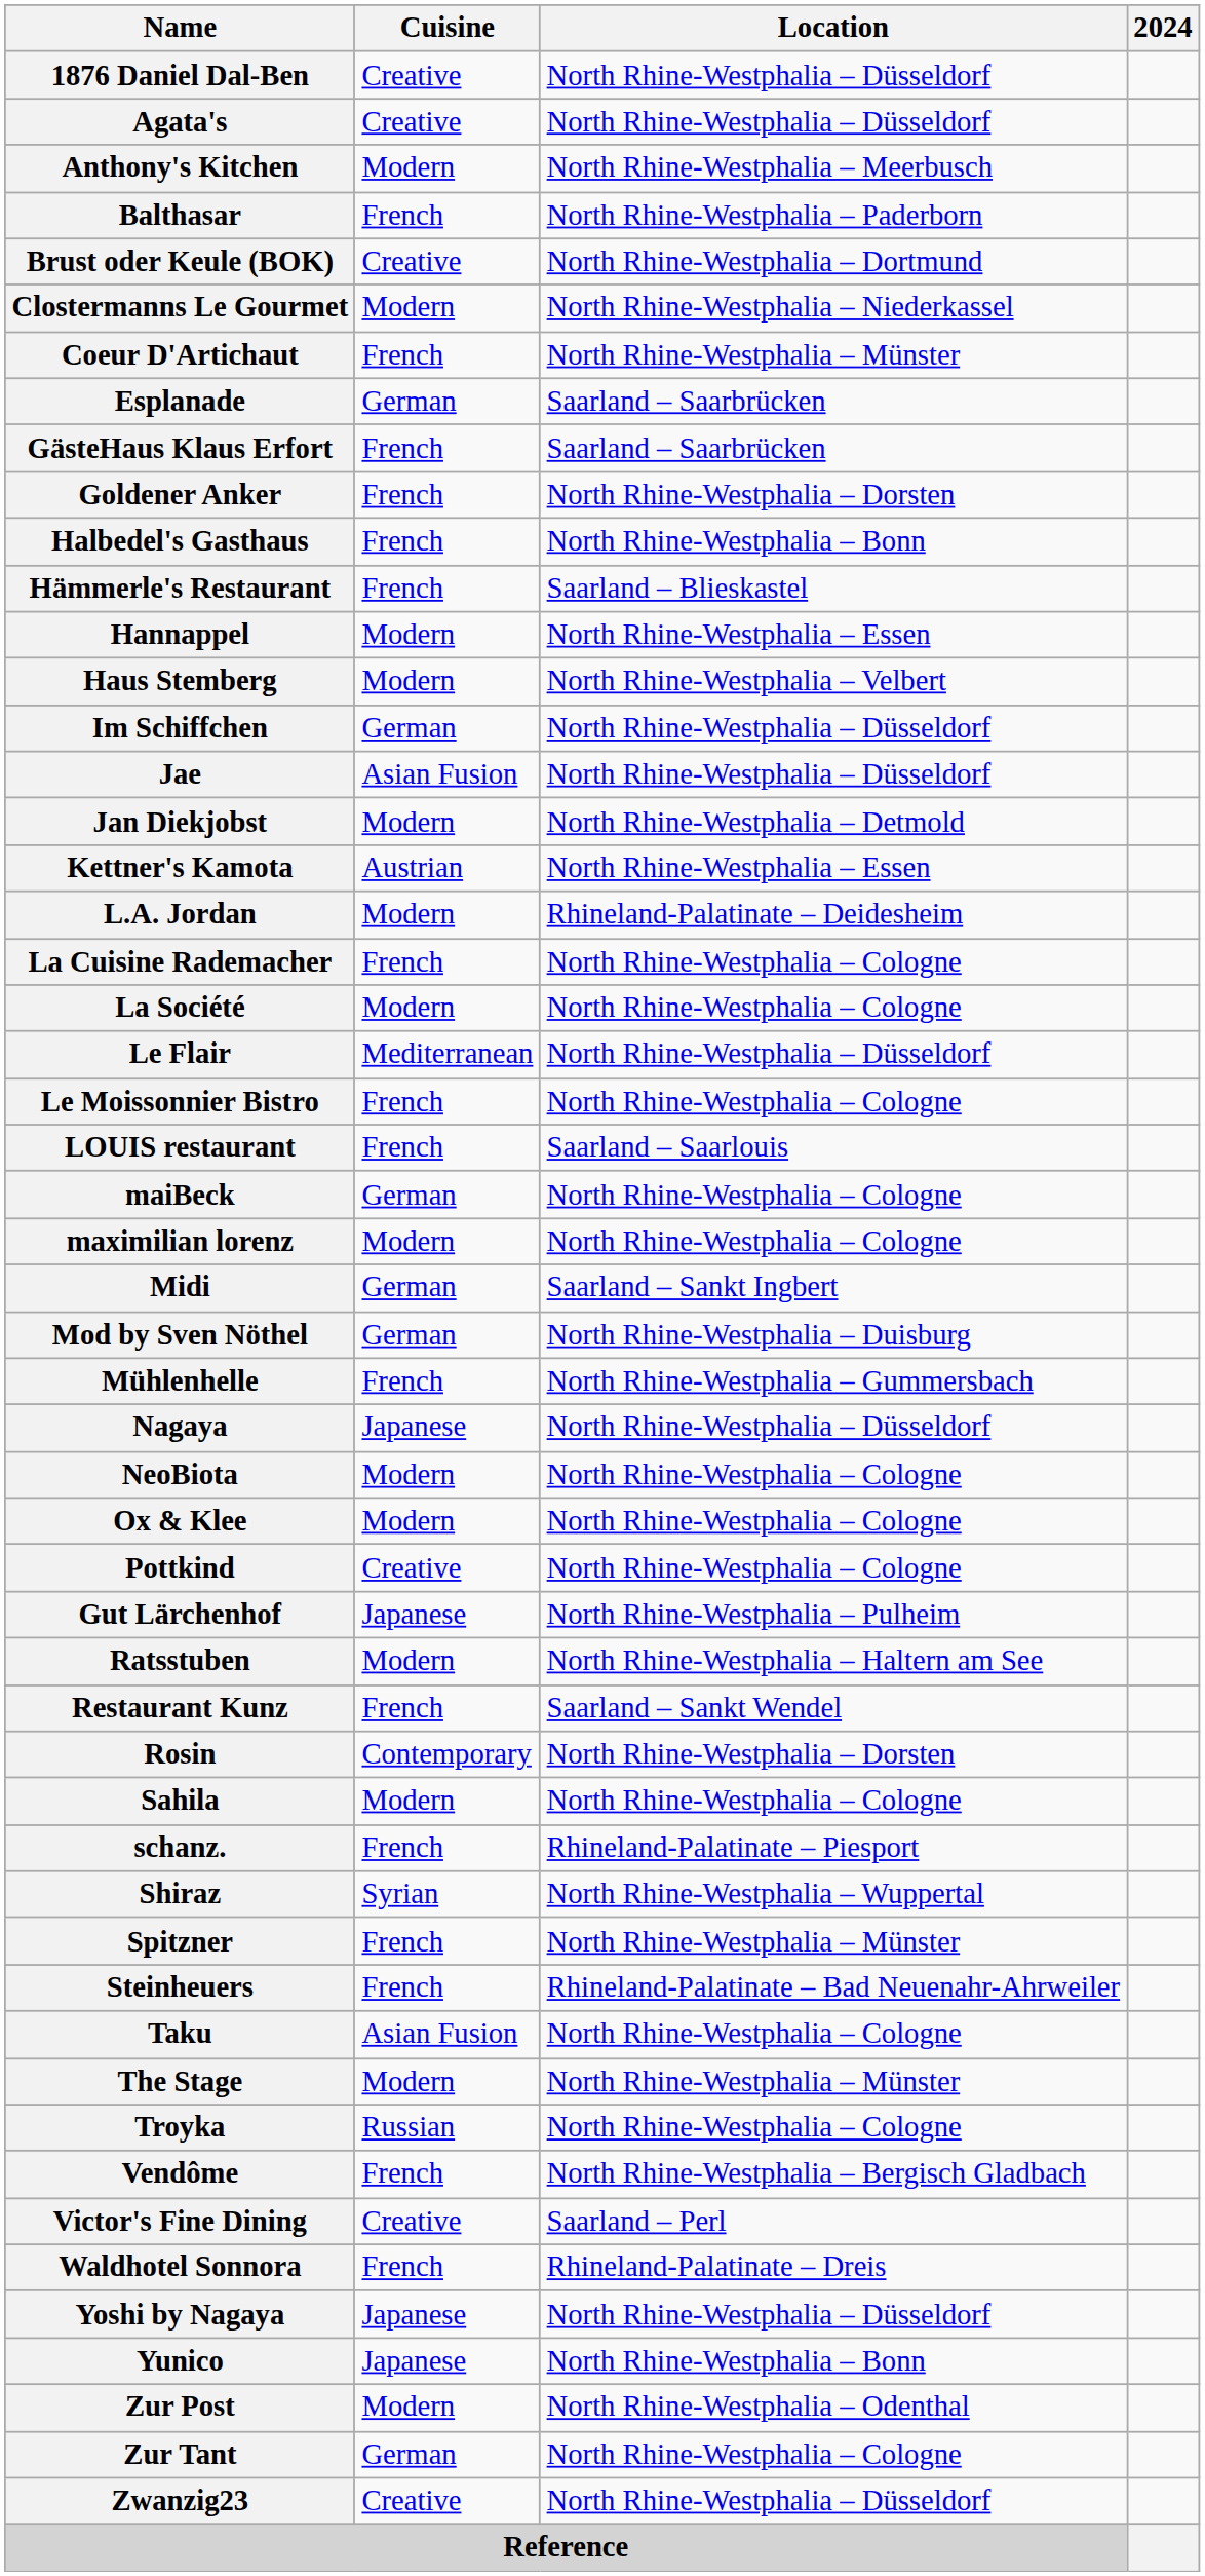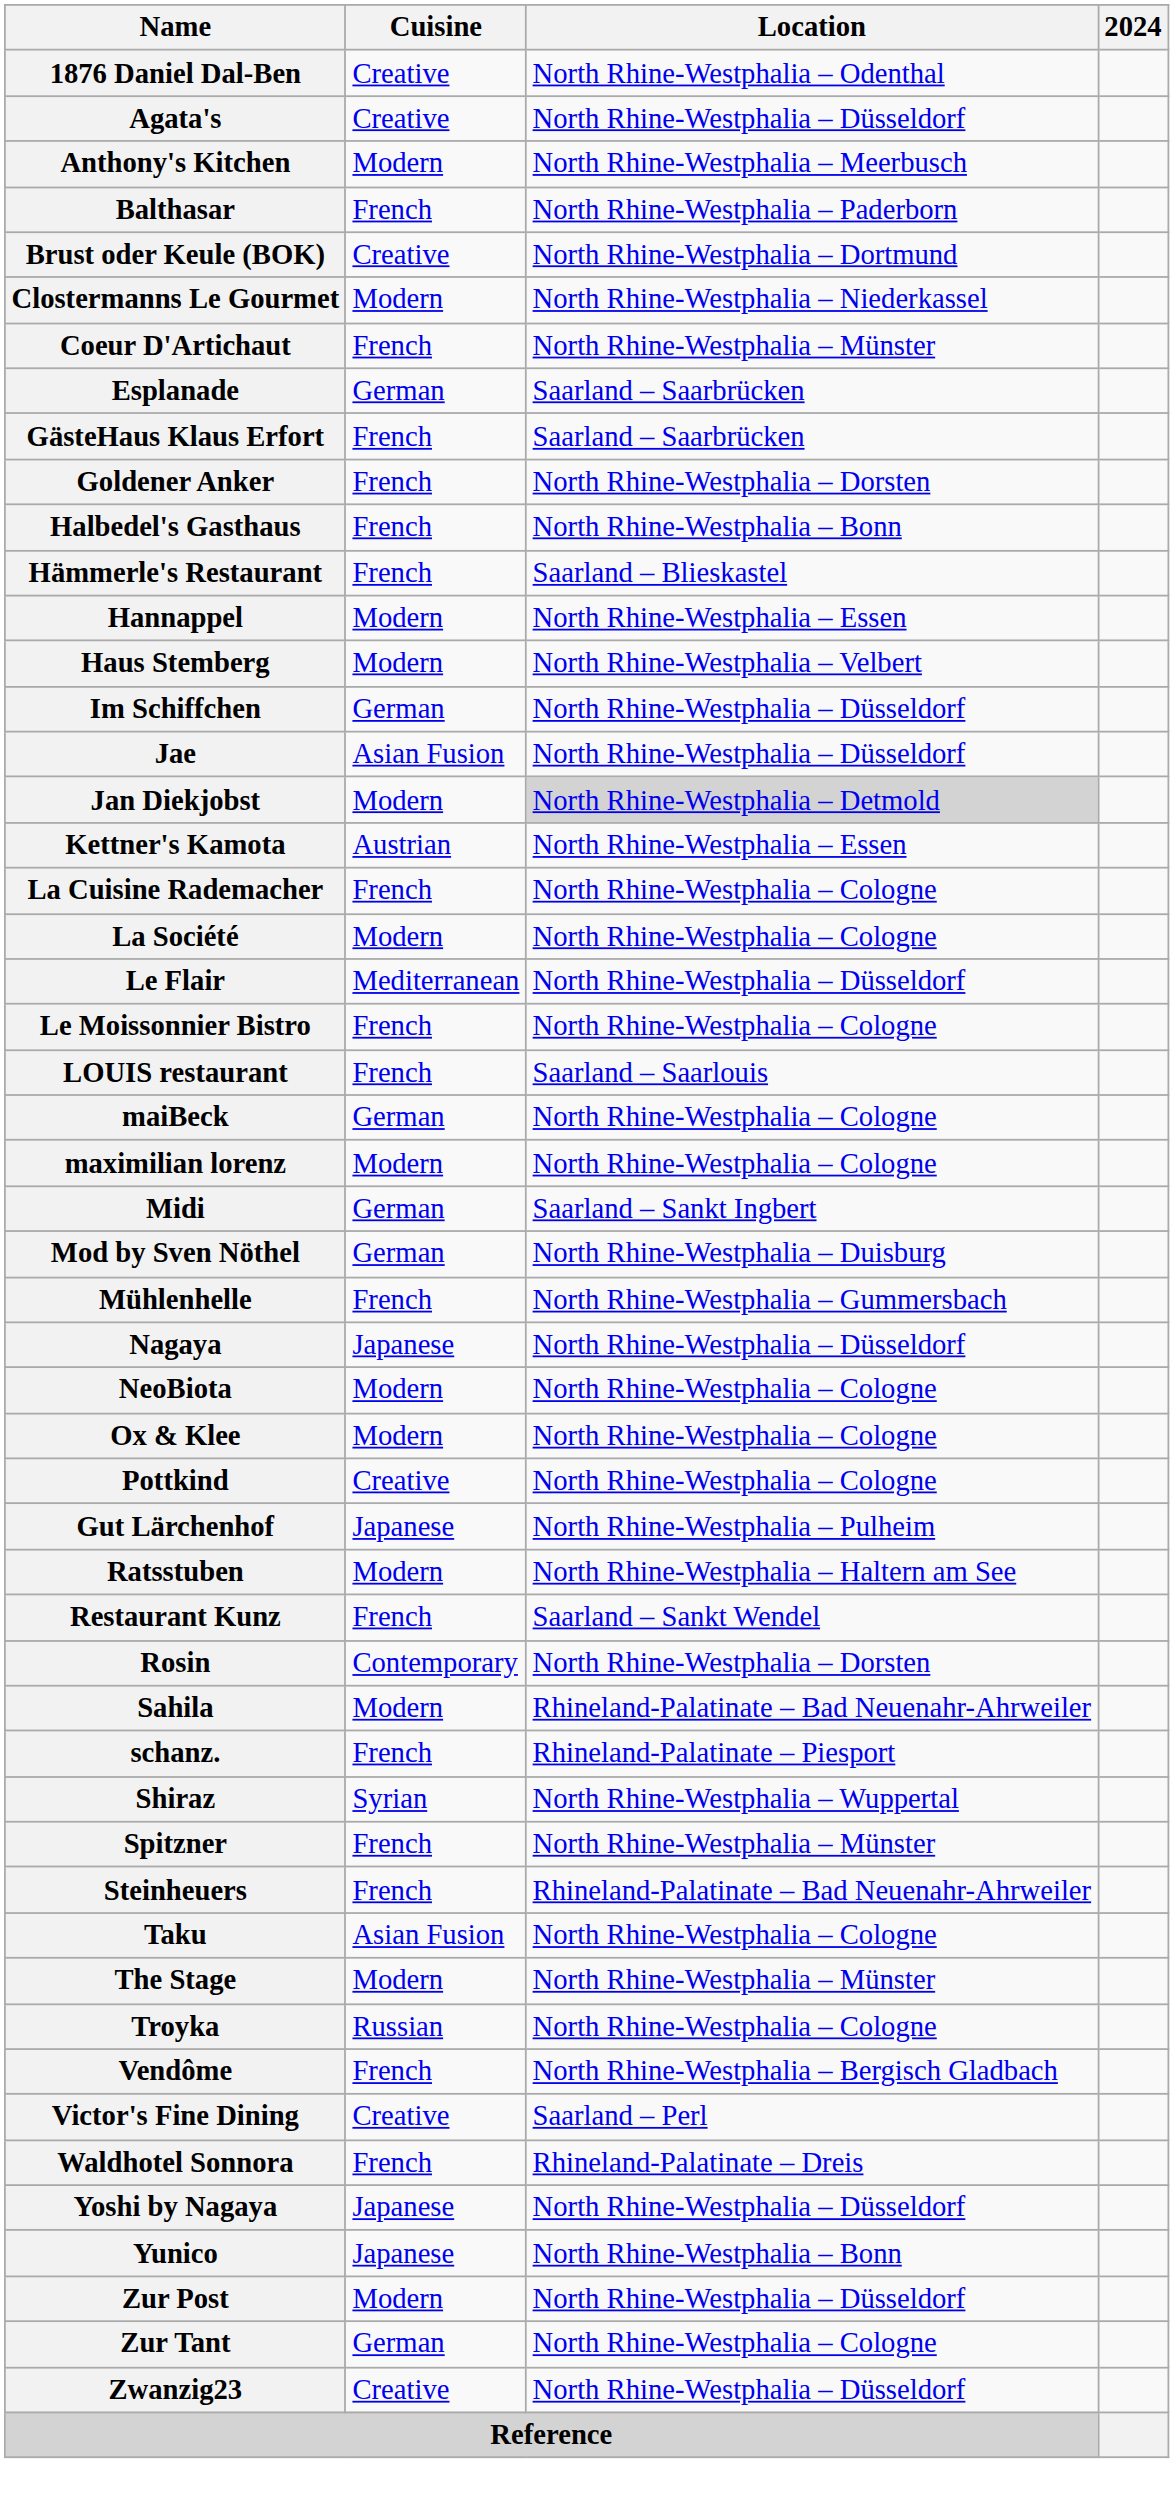 <table class="wikitable sortable plainrowheaders" style="text-align:left;"">
 <tr>
 <th scope="col">Name</th>
 <th scope="col">Cuisine</th>
 <th scope="col">Location</th>
 <th scope="col">2024</th>
 </tr>
 <tr>
 <th scope="row">1876 Daniel Dal-Ben</th>
 <td><a href='#'>Creative</a></td>
-<td><a href='#'>North Rhine-Westphalia – Düsseldorf</a></td>
+<td><a href='#'>North Rhine-Westphalia – Odenthal</a></td>
 <td></td>
 </tr>
 <tr>
 <th scope="row">Agata's</th>
 <td><a href='#'>Creative</a></td>
 <td><a href='#'>North Rhine-Westphalia – Düsseldorf</a></td>
 <td></td>
 </tr>
 <tr>
 <th scope="row">Anthony's Kitchen</th>
 <td><a href='#'>Modern</a></td>
 <td><a href='#'>North Rhine-Westphalia – Meerbusch</a></td>
 <td></td>
 </tr>
 <tr>
 <th scope="row">Balthasar</th>
 <td><a href='#'>French</a></td>
 <td><a href='#'>North Rhine-Westphalia – Paderborn</a></td>
 <td></td>
 </tr>
 <tr>
 <th scope="row">Brust oder Keule (BOK)</th>
 <td><a href='#'>Creative</a></td>
 <td><a href='#'>North Rhine-Westphalia – Dortmund</a></td>
 <td></td>
 </tr>
 <tr>
 <th scope="row">Clostermanns Le Gourmet</th>
 <td><a href='#'>Modern</a></td>
 <td><a href='#'>North Rhine-Westphalia – Niederkassel</a></td>
 <td></td>
 </tr>
 <tr>
 <th scope="row">Coeur D'Artichaut</th>
 <td><a href='#'>French</a></td>
 <td><a href='#'>North Rhine-Westphalia – Münster</a></td>
 <td></td>
 </tr>
 <tr>
 <th scope="row">Esplanade</th>
 <td><a href='#'>German</a></td>
 <td><a href='#'>Saarland – Saarbrücken</a></td>
 <td></td>
 </tr>
 <tr>
 <th scope="row">GästeHaus Klaus Erfort</th>
 <td><a href='#'>French</a></td>
 <td><a href='#'>Saarland – Saarbrücken</a></td>
 <td></td>
 </tr>
 <tr>
 <th scope="row">Goldener Anker</th>
 <td><a href='#'>French</a></td>
 <td><a href='#'>North Rhine-Westphalia – Dorsten</a></td>
 <td></td>
 </tr>
 <tr>
 <th scope="row">Halbedel's Gasthaus</th>
 <td><a href='#'>French</a></td>
 <td><a href='#'>North Rhine-Westphalia – Bonn</a></td>
 <td></td>
 </tr>
 <tr>
 <th scope="row">Hämmerle's Restaurant</th>
 <td><a href='#'>French</a></td>
 <td><a href='#'>Saarland – Blieskastel</a></td>
 <td></td>
 </tr>
 <tr>
 <th scope="row">Hannappel</th>
 <td><a href='#'>Modern</a></td>
 <td><a href='#'>North Rhine-Westphalia – Essen</a></td>
 <td></td>
 </tr>
 <tr>
 <th scope="row">Haus Stemberg</th>
 <td><a href='#'>Modern</a></td>
 <td><a href='#'>North Rhine-Westphalia – Velbert</a></td>
 <td></td>
 </tr>
 <tr>
 <th scope="row">Im Schiffchen</th>
 <td><a href='#'>German</a></td>
 <td><a href='#'>North Rhine-Westphalia – Düsseldorf</a></td>
 <td></td>
 </tr>
 <tr>
 <th scope="row">Jae</th>
 <td><a href='#'>Asian Fusion</a></td>
 <td><a href='#'>North Rhine-Westphalia – Düsseldorf</a></td>
 <td></td>
 </tr>
 <tr>
 <th scope="row">Jan Diekjobst</th>
 <td><a href='#'>Modern</a></td>
-<td><a href='#'>North Rhine-Westphalia – Detmold</a></td>
+<td style="background: lightgrey;"><a href='#'>North Rhine-Westphalia – Detmold</a></td>
 <td></td>
 </tr>
 <tr>
 <th scope="row">Kettner's Kamota</th>
 <td><a href='#'>Austrian</a></td>
 <td><a href='#'>North Rhine-Westphalia – Essen</a></td>
-<td></td>
-</tr>
-<tr>
-<th scope="row">L.A. Jordan</th>
-<td><a href='#'>Modern</a></td>
-<td><a href='#'>Rhineland-Palatinate – Deidesheim</a></td>
 <td></td>
 </tr>
 <tr>
 <th scope="row">La Cuisine Rademacher</th>
 <td><a href='#'>French</a></td>
 <td><a href='#'>North Rhine-Westphalia – Cologne</a></td>
 <td></td>
 </tr>
 <tr>
 <th scope="row">La Société</th>
 <td><a href='#'>Modern</a></td>
 <td><a href='#'>North Rhine-Westphalia – Cologne</a></td>
 <td></td>
 </tr>
 <tr>
 <th scope="row">Le Flair</th>
 <td><a href='#'>Mediterranean</a></td>
 <td><a href='#'>North Rhine-Westphalia – Düsseldorf</a></td>
 <td></td>
 </tr>
 <tr>
 <th scope="row">Le Moissonnier Bistro</th>
 <td><a href='#'>French</a></td>
 <td><a href='#'>North Rhine-Westphalia – Cologne</a></td>
 <td></td>
 </tr>
 <tr>
 <th scope="row">LOUIS restaurant</th>
 <td><a href='#'>French</a></td>
 <td><a href='#'>Saarland – Saarlouis</a></td>
 <td></td>
 </tr>
 <tr>
 <th scope="row">maiBeck</th>
 <td><a href='#'>German</a></td>
 <td><a href='#'>North Rhine-Westphalia – Cologne</a></td>
 <td></td>
 </tr>
 <tr>
 <th scope="row">maximilian lorenz</th>
 <td><a href='#'>Modern</a></td>
 <td><a href='#'>North Rhine-Westphalia – Cologne</a></td>
 <td></td>
 </tr>
 <tr>
 <th scope="row">Midi</th>
 <td><a href='#'>German</a></td>
 <td><a href='#'>Saarland – Sankt Ingbert</a></td>
 <td></td>
 </tr>
 <tr>
 <th scope="row">Mod by Sven Nöthel</th>
 <td><a href='#'>German</a></td>
 <td><a href='#'>North Rhine-Westphalia – Duisburg</a></td>
 <td></td>
 </tr>
 <tr>
 <th scope="row">Mühlenhelle</th>
 <td><a href='#'>French</a></td>
 <td><a href='#'>North Rhine-Westphalia – Gummersbach</a></td>
 <td></td>
 </tr>
 <tr>
 <th scope="row">Nagaya</th>
 <td><a href='#'>Japanese</a></td>
 <td><a href='#'>North Rhine-Westphalia – Düsseldorf</a></td>
 <td></td>
 </tr>
 <tr>
 <th scope="row">NeoBiota</th>
 <td><a href='#'>Modern</a></td>
 <td><a href='#'>North Rhine-Westphalia – Cologne</a></td>
 <td></td>
 </tr>
 <tr>
 <th scope="row">Ox & Klee</th>
 <td><a href='#'>Modern</a></td>
 <td><a href='#'>North Rhine-Westphalia – Cologne</a></td>
 <td></td>
 </tr>
 <tr>
 <th scope="row">Pottkind</th>
 <td><a href='#'>Creative</a></td>
 <td><a href='#'>North Rhine-Westphalia – Cologne</a></td>
 <td></td>
 </tr>
 <tr>
 <th scope="row">Gut Lärchenhof</th>
 <td><a href='#'>Japanese</a></td>
 <td><a href='#'>North Rhine-Westphalia – Pulheim</a></td>
 <td></td>
 </tr>
 <tr>
 <th scope="row">Ratsstuben</th>
 <td><a href='#'>Modern</a></td>
 <td><a href='#'>North Rhine-Westphalia – Haltern am See</a></td>
 <td></td>
 </tr>
 <tr>
 <th scope="row">Restaurant Kunz</th>
 <td><a href='#'>French</a></td>
 <td><a href='#'>Saarland – Sankt Wendel</a></td>
 <td></td>
 </tr>
 <tr>
 <th scope="row">Rosin</th>
 <td><a href='#'>Contemporary</a></td>
 <td><a href='#'>North Rhine-Westphalia – Dorsten</a></td>
 <td></td>
 </tr>
 <tr>
 <th scope="row">Sahila</th>
 <td><a href='#'>Modern</a></td>
-<td><a href='#'>North Rhine-Westphalia – Cologne</a></td>
+<td><a href='#'>Rhineland-Palatinate – Bad Neuenahr-Ahrweiler</a></td>
 <td></td>
 </tr>
 <tr>
 <th scope="row">schanz.</th>
 <td><a href='#'>French</a></td>
 <td><a href='#'>Rhineland-Palatinate – Piesport</a></td>
 <td></td>
 </tr>
 <tr>
 <th scope="row">Shiraz</th>
 <td><a href='#'>Syrian</a></td>
 <td><a href='#'>North Rhine-Westphalia – Wuppertal</a></td>
 <td></td>
 </tr>
 <tr>
 <th scope="row">Spitzner</th>
 <td><a href='#'>French</a></td>
 <td><a href='#'>North Rhine-Westphalia – Münster</a></td>
 <td></td>
 </tr>
 <tr>
 <th scope="row">Steinheuers</th>
 <td><a href='#'>French</a></td>
 <td><a href='#'>Rhineland-Palatinate – Bad Neuenahr-Ahrweiler</a></td>
 <td></td>
 </tr>
 <tr>
 <th scope="row">Taku</th>
 <td><a href='#'>Asian Fusion</a></td>
 <td><a href='#'>North Rhine-Westphalia – Cologne</a></td>
 <td></td>
 </tr>
 <tr>
 <th scope="row">The Stage</th>
 <td><a href='#'>Modern</a></td>
 <td><a href='#'>North Rhine-Westphalia – Münster</a></td>
 <td></td>
 </tr>
 <tr>
 <th scope="row">Troyka</th>
 <td><a href='#'>Russian</a></td>
 <td><a href='#'>North Rhine-Westphalia – Cologne</a></td>
 <td></td>
 </tr>
 <tr>
 <th scope="row">Vendôme</th>
 <td><a href='#'>French</a></td>
 <td><a href='#'>North Rhine-Westphalia – Bergisch Gladbach</a></td>
 <td></td>
 </tr>
 <tr>
 <th scope="row">Victor's Fine Dining</th>
 <td><a href='#'>Creative</a></td>
 <td><a href='#'>Saarland – Perl</a></td>
 <td></td>
 </tr>
 <tr>
 <th scope="row">Waldhotel Sonnora</th>
 <td><a href='#'>French</a></td>
 <td><a href='#'>Rhineland-Palatinate – Dreis</a></td>
 <td></td>
 </tr>
 <tr>
 <th scope="row">Yoshi by Nagaya</th>
 <td><a href='#'>Japanese</a></td>
 <td><a href='#'>North Rhine-Westphalia – Düsseldorf</a></td>
 <td></td>
 </tr>
 <tr>
 <th scope="row">Yunico</th>
 <td><a href='#'>Japanese</a></td>
 <td><a href='#'>North Rhine-Westphalia – Bonn</a></td>
 <td></td>
 </tr>
 <tr>
 <th scope="row">Zur Post</th>
 <td><a href='#'>Modern</a></td>
-<td><a href='#'>North Rhine-Westphalia – Odenthal</a></td>
+<td><a href='#'>North Rhine-Westphalia – Düsseldorf</a></td>
 <td></td>
 </tr>
 <tr>
 <th scope="row">Zur Tant</th>
 <td><a href='#'>German</a></td>
 <td><a href='#'>North Rhine-Westphalia – Cologne</a></td>
 <td></td>
 </tr>
 <tr>
 <th scope="row">Zwanzig23</th>
 <td><a href='#'>Creative</a></td>
 <td><a href='#'>North Rhine-Westphalia – Düsseldorf</a></td>
 <td></td>
 </tr>
 <tr>
 <th colspan="3" style="text-align: center;background: lightgray;">Reference</th>
 <th></th>
 </tr>
 </table>
